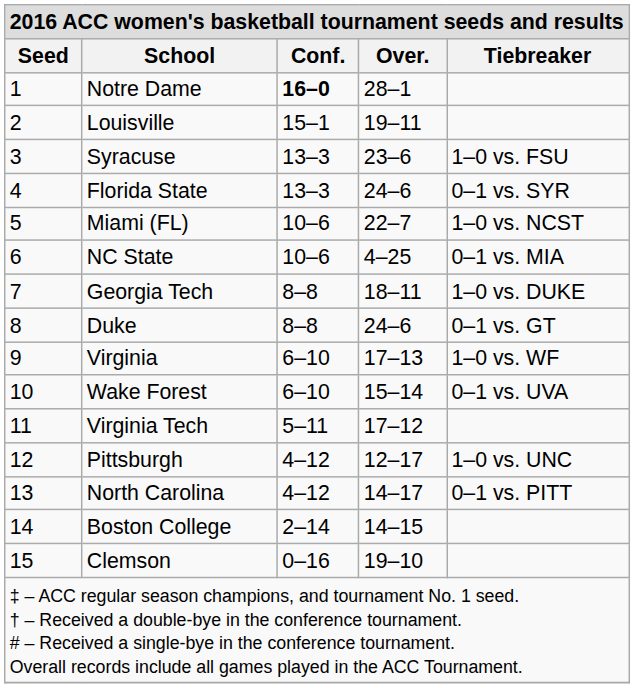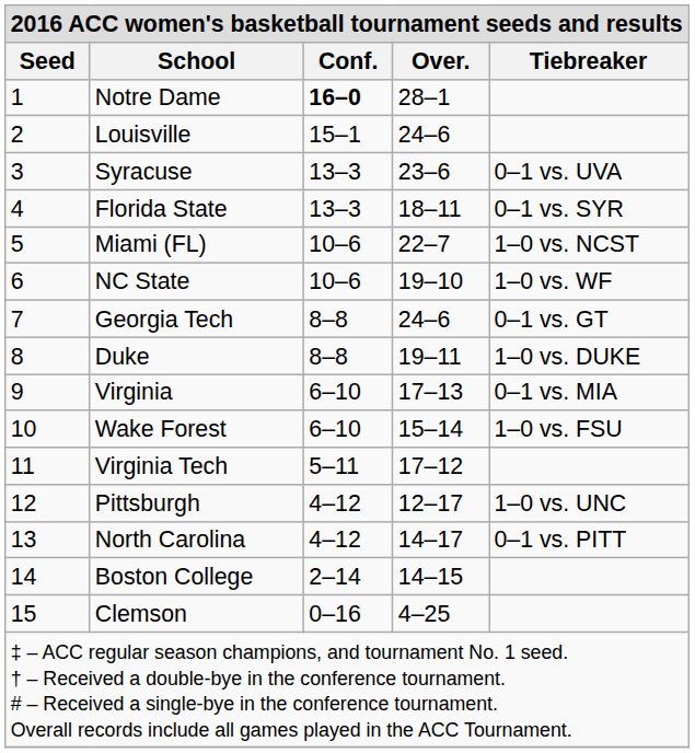 <table class="wikitable" style="white-space:nowrap; font-size:90%;">
 <tr>
 <td colspan="10" style="text-align:center; background:#DDDDDD; font:#000000"><strong>2016 ACC women's basketball tournament seeds and results</strong></td>
 </tr>
 <tr bgcolor="#efefef">
 <th>Seed</th>
 <th>School</th>
 <th>Conf.</th>
 <th>Over.</th>
 <th>Tiebreaker</th>
 </tr>
 <tr>
 <td>1</td>
 <td>Notre Dame</td>
 <td><strong>16–0</strong></td>
 <td>28–1</td>
 <td></td>
 </tr>
 <tr>
 <td>2</td>
 <td>Louisville</td>
 <td>15–1</td>
-<td>19–11</td>
+<td>24–6</td>
 <td></td>
 </tr>
 <tr>
 <td>3</td>
 <td>Syracuse</td>
 <td>13–3</td>
 <td>23–6</td>
-<td>1–0 vs. FSU</td>
+<td>0–1 vs. UVA</td>
 </tr>
 <tr>
 <td>4</td>
 <td>Florida State</td>
 <td>13–3</td>
-<td>24–6</td>
+<td>18–11</td>
 <td>0–1 vs. SYR</td>
 </tr>
 <tr>
 <td>5</td>
 <td>Miami (FL)</td>
 <td>10–6</td>
 <td>22–7</td>
 <td>1–0 vs. NCST</td>
 </tr>
 <tr>
 <td>6</td>
 <td>NC State</td>
 <td>10–6</td>
-<td>4–25</td>
-<td>0–1 vs. MIA</td>
+<td>19–10</td>
+<td>1–0 vs. WF</td>
 </tr>
 <tr>
 <td>7</td>
 <td>Georgia Tech</td>
 <td>8–8</td>
-<td>18–11</td>
-<td>1–0 vs. DUKE</td>
+<td>24–6</td>
+<td>0–1 vs. GT</td>
 </tr>
 <tr>
 <td>8</td>
 <td>Duke</td>
 <td>8–8</td>
-<td>24–6</td>
-<td>0–1 vs. GT</td>
+<td>19–11</td>
+<td>1–0 vs. DUKE</td>
 </tr>
 <tr>
 <td>9</td>
 <td>Virginia</td>
 <td>6–10</td>
 <td>17–13</td>
-<td>1–0 vs. WF</td>
+<td>0–1 vs. MIA</td>
 </tr>
 <tr>
 <td>10</td>
 <td>Wake Forest</td>
 <td>6–10</td>
 <td>15–14</td>
-<td>0–1 vs. UVA</td>
+<td>1–0 vs. FSU</td>
 </tr>
 <tr>
 <td>11</td>
 <td>Virginia Tech</td>
 <td>5–11</td>
 <td>17–12</td>
 <td></td>
 </tr>
 <tr>
 <td>12</td>
 <td>Pittsburgh</td>
 <td>4–12</td>
 <td>12–17</td>
 <td>1–0 vs. UNC</td>
 </tr>
 <tr>
 <td>13</td>
 <td>North Carolina</td>
 <td>4–12</td>
 <td>14–17</td>
 <td>0–1 vs. PITT</td>
 </tr>
 <tr>
 <td>14</td>
 <td>Boston College</td>
 <td>2–14</td>
 <td>14–15</td>
 <td></td>
 </tr>
 <tr>
 <td>15</td>
 <td>Clemson</td>
 <td>0–16</td>
-<td>19–10</td>
+<td>4–25</td>
 <td></td>
 </tr>
 <tr>
 <td colspan="10" style="text-align:left;"><small>‡ – ACC regular season champions, and tournament No. 1 seed.<br>† – Received a double-bye in the conference tournament.<br># – Received a single-bye in the conference tournament.<br>Overall records include all games played in the ACC Tournament.</small></td>
 </tr>
 <tr>
 </tr>
 </table>
